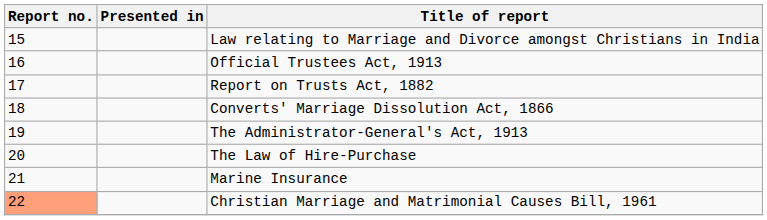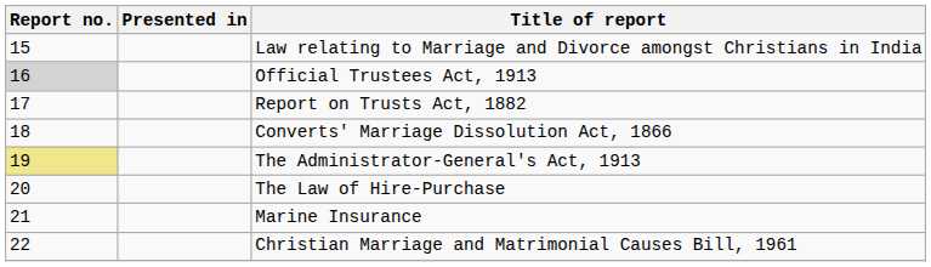 <table class="wikitable">
 <tr>
 <th>Report no.</th>
 <th>Presented in</th>
 <th>Title of report</th>
 </tr>
 <tr>
 <td>15</td>
 <td></td>
 <td>Law relating to Marriage and Divorce amongst Christians in India</td>
 </tr>
 <tr>
-<td>16</td>
+<td style="background: lightgrey;">16</td>
 <td></td>
 <td>Official Trustees Act, 1913</td>
 </tr>
 <tr>
 <td>17</td>
 <td></td>
 <td>Report on Trusts Act, 1882</td>
 </tr>
 <tr>
 <td>18</td>
 <td></td>
 <td>Converts' Marriage Dissolution Act, 1866</td>
 </tr>
 <tr>
-<td>19</td>
+<td style="background: khaki;">19</td>
 <td></td>
 <td>The Administrator-General's Act, 1913</td>
 </tr>
 <tr>
 <td>20</td>
 <td></td>
 <td>The Law of Hire-Purchase</td>
 </tr>
 <tr>
 <td>21</td>
 <td></td>
 <td>Marine Insurance</td>
 </tr>
 <tr>
-<td style="background: lightsalmon;">22</td>
+<td>22</td>
 <td></td>
 <td>Christian Marriage and Matrimonial Causes Bill, 1961</td>
 </tr>
 <tr>
 </tr>
 </table>
